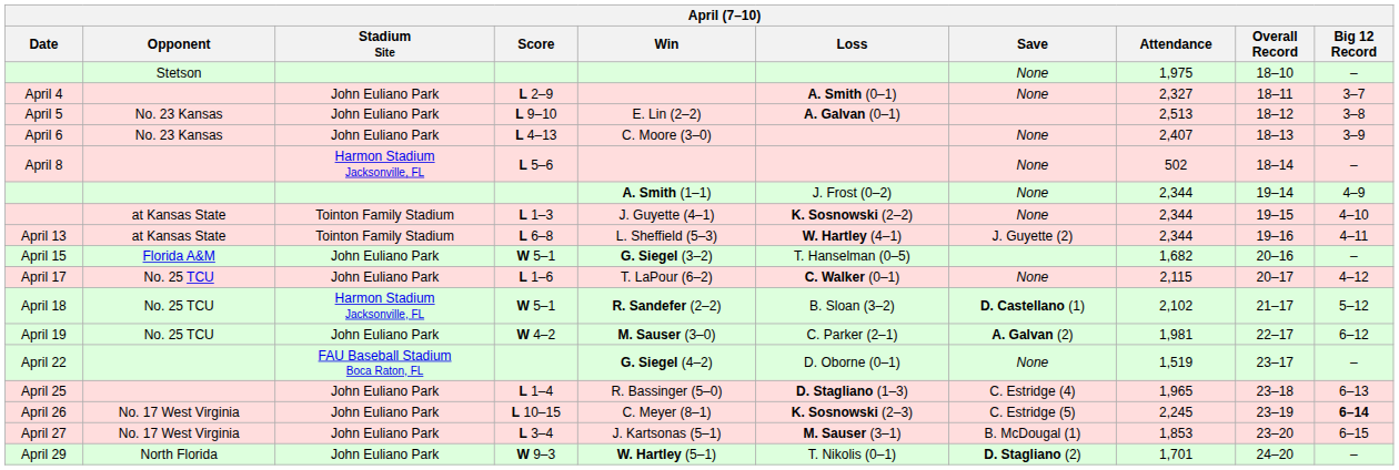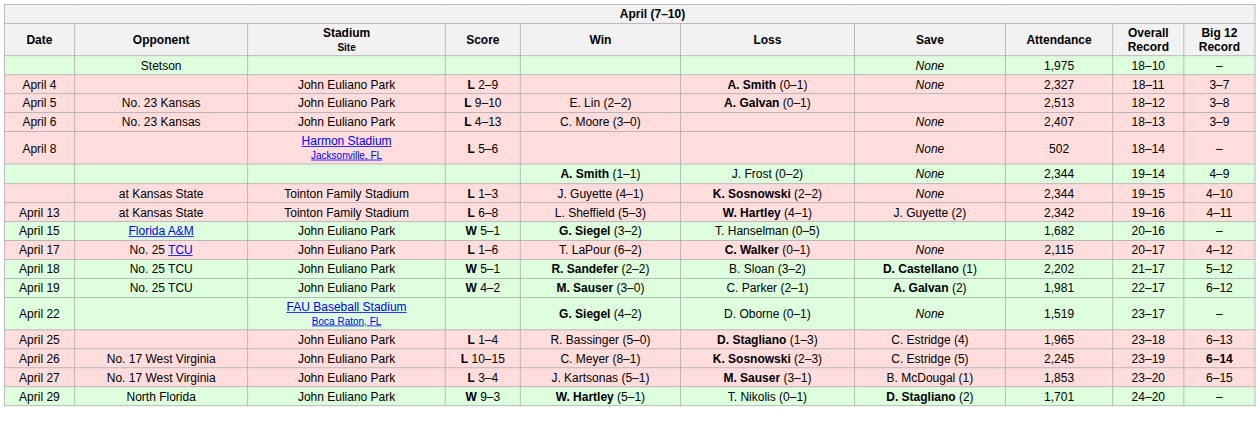 <table class="wikitable collapsible collapsed" style="margin:auto; width:100%; text-align:center; font-size:95%">
 <tr>
 <th colspan=12 style="padding-left:4em;">April (7–10)</th>
 </tr>
 <tr>
 <th>Date</th>
 <th>Opponent</th>
 <th>Stadium<br><small>Site</small></th>
 <th>Score</th>
 <th>Win</th>
 <th>Loss</th>
 <th>Save</th>
 <th>Attendance</th>
 <th>Overall<br>Record</th>
 <th>Big 12<br>Record</th>
 </tr>
 <tr align="center" bgcolor="ddffdd">
 <td></td>
 <td>Stetson</td>
 <td></td>
 <td></td>
 <td></td>
 <td></td>
 <td><em>None</em></td>
 <td>1,975</td>
 <td>18–10</td>
 <td>–</td>
 </tr>
 <tr align="center" bgcolor="ffdddd">
 <td>April 4</td>
 <td></td>
 <td>John Euliano Park</td>
 <td><strong>L</strong> 2–9</td>
 <td></td>
 <td><strong>A. Smith</strong> (0–1)</td>
 <td><em>None</em></td>
 <td>2,327</td>
 <td>18–11</td>
 <td>3–7</td>
 </tr>
 <tr align="center" bgcolor="ffdddd">
 <td>April 5</td>
 <td>No. 23 Kansas</td>
 <td>John Euliano Park</td>
 <td><strong>L</strong> 9–10</td>
 <td>E. Lin (2–2)</td>
 <td><strong>A. Galvan</strong> (0–1)</td>
 <td></td>
 <td>2,513</td>
 <td>18–12</td>
 <td>3–8</td>
 </tr>
 <tr align="center" bgcolor="ffdddd">
 <td>April 6</td>
 <td>No. 23 Kansas</td>
 <td>John Euliano Park</td>
 <td><strong>L</strong> 4–13</td>
 <td>C. Moore (3–0)</td>
 <td></td>
 <td><em>None</em></td>
 <td>2,407</td>
 <td>18–13</td>
 <td>3–9</td>
 </tr>
 <tr align="center" bgcolor="ffdddd">
 <td>April 8</td>
 <td></td>
 <td><a href='#'>Harmon Stadium</a><br><small><a href='#'>Jacksonville, FL</a></small></td>
 <td><strong>L</strong> 5–6</td>
 <td></td>
 <td></td>
 <td><em>None</em></td>
 <td>502</td>
 <td>18–14</td>
 <td>–</td>
 </tr>
 <tr align="center" bgcolor="ddffdd">
 <td></td>
 <td></td>
 <td></td>
 <td></td>
 <td><strong>A. Smith</strong> (1–1)</td>
 <td>J. Frost (0–2)</td>
 <td><em>None</em></td>
 <td>2,344</td>
 <td>19–14</td>
 <td>4–9</td>
 </tr>
 <tr align="center" bgcolor="ffdddd">
 <td></td>
 <td>at Kansas State</td>
 <td>Tointon Family Stadium</td>
 <td><strong>L</strong> 1–3</td>
 <td>J. Guyette (4–1)</td>
 <td><strong>K. Sosnowski</strong> (2–2)</td>
 <td><em>None</em></td>
 <td>2,344</td>
 <td>19–15</td>
 <td>4–10</td>
 </tr>
 <tr align="center" bgcolor="ffdddd">
 <td>April 13</td>
 <td>at Kansas State</td>
 <td>Tointon Family Stadium</td>
 <td><strong>L</strong> 6–8</td>
 <td>L. Sheffield (5–3)</td>
 <td><strong>W. Hartley</strong> (4–1)</td>
 <td>J. Guyette (2)</td>
-<td>2,344</td>
+<td>2,342</td>
 <td>19–16</td>
 <td>4–11</td>
 </tr>
 <tr align="center" bgcolor="ddffdd">
 <td>April 15</td>
 <td><a href='#'>Florida A&M</a></td>
 <td>John Euliano Park</td>
 <td><strong>W</strong> 5–1</td>
 <td><strong>G. Siegel</strong> (3–2)</td>
 <td>T. Hanselman (0–5)</td>
 <td></td>
 <td>1,682</td>
 <td>20–16</td>
 <td>–</td>
 </tr>
 <tr align="center" bgcolor="ffdddd">
 <td>April 17</td>
 <td>No. 25 <a href='#'>TCU</a></td>
 <td>John Euliano Park</td>
 <td><strong>L</strong> 1–6</td>
 <td>T. LaPour (6–2)</td>
 <td><strong>C. Walker</strong> (0–1)</td>
 <td><em>None</em></td>
 <td>2,115</td>
 <td>20–17</td>
 <td>4–12</td>
 </tr>
 <tr align="center" bgcolor="ddffdd">
 <td>April 18</td>
 <td>No. 25 TCU</td>
-<td><a href='#'>Harmon Stadium</a><br><small><a href='#'>Jacksonville, FL</a></small></td>
+<td>John Euliano Park</td>
 <td><strong>W</strong> 5–1</td>
 <td><strong>R. Sandefer</strong> (2–2)</td>
 <td>B. Sloan (3–2)</td>
 <td><strong>D. Castellano</strong> (1)</td>
-<td>2,102</td>
+<td>2,202</td>
 <td>21–17</td>
 <td>5–12</td>
 </tr>
 <tr align="center" bgcolor="ddffdd">
 <td>April 19</td>
 <td>No. 25 TCU</td>
 <td>John Euliano Park</td>
 <td><strong>W</strong> 4–2</td>
 <td><strong>M. Sauser</strong> (3–0)</td>
 <td>C. Parker (2–1)</td>
 <td><strong>A. Galvan</strong> (2)</td>
 <td>1,981</td>
 <td>22–17</td>
 <td>6–12</td>
 </tr>
 <tr align="center" bgcolor="ddffdd">
 <td>April 22</td>
 <td></td>
 <td><a href='#'>FAU Baseball Stadium</a><br><small><a href='#'>Boca Raton, FL</a></small></td>
 <td></td>
 <td><strong>G. Siegel</strong> (4–2)</td>
 <td>D. Oborne (0–1)</td>
 <td><em>None</em></td>
 <td>1,519</td>
 <td>23–17</td>
 <td>–</td>
 </tr>
 <tr align="center" bgcolor="ffdddd">
 <td>April 25</td>
 <td></td>
 <td>John Euliano Park</td>
 <td><strong>L</strong> 1–4</td>
 <td>R. Bassinger (5–0)</td>
 <td><strong>D. Stagliano</strong> (1–3)</td>
 <td>C. Estridge (4)</td>
 <td>1,965</td>
 <td>23–18</td>
 <td>6–13</td>
 </tr>
 <tr align="center" bgcolor="ffdddd">
 <td>April 26</td>
 <td>No. 17 West Virginia</td>
 <td>John Euliano Park</td>
 <td><strong>L</strong> 10–15</td>
 <td>C. Meyer (8–1)</td>
 <td><strong>K. Sosnowski</strong> (2–3)</td>
 <td>C. Estridge (5)</td>
 <td>2,245</td>
 <td>23–19</td>
 <td><strong>6–14</strong></td>
 </tr>
 <tr align="center" bgcolor="ffdddd">
 <td>April 27</td>
 <td>No. 17 West Virginia</td>
 <td>John Euliano Park</td>
 <td><strong>L</strong> 3–4</td>
 <td>J. Kartsonas (5–1)</td>
 <td><strong>M. Sauser</strong> (3–1)</td>
 <td>B. McDougal (1)</td>
 <td>1,853</td>
 <td>23–20</td>
 <td>6–15</td>
 </tr>
 <tr align="center" bgcolor="ddffdd">
 <td>April 29</td>
 <td>North Florida</td>
 <td>John Euliano Park</td>
 <td><strong>W</strong> 9–3</td>
 <td><strong>W. Hartley</strong> (5–1)</td>
 <td>T. Nikolis (0–1)</td>
 <td><strong>D. Stagliano</strong> (2)</td>
 <td>1,701</td>
 <td>24–20</td>
 <td>–</td>
 </tr>
 </table>
